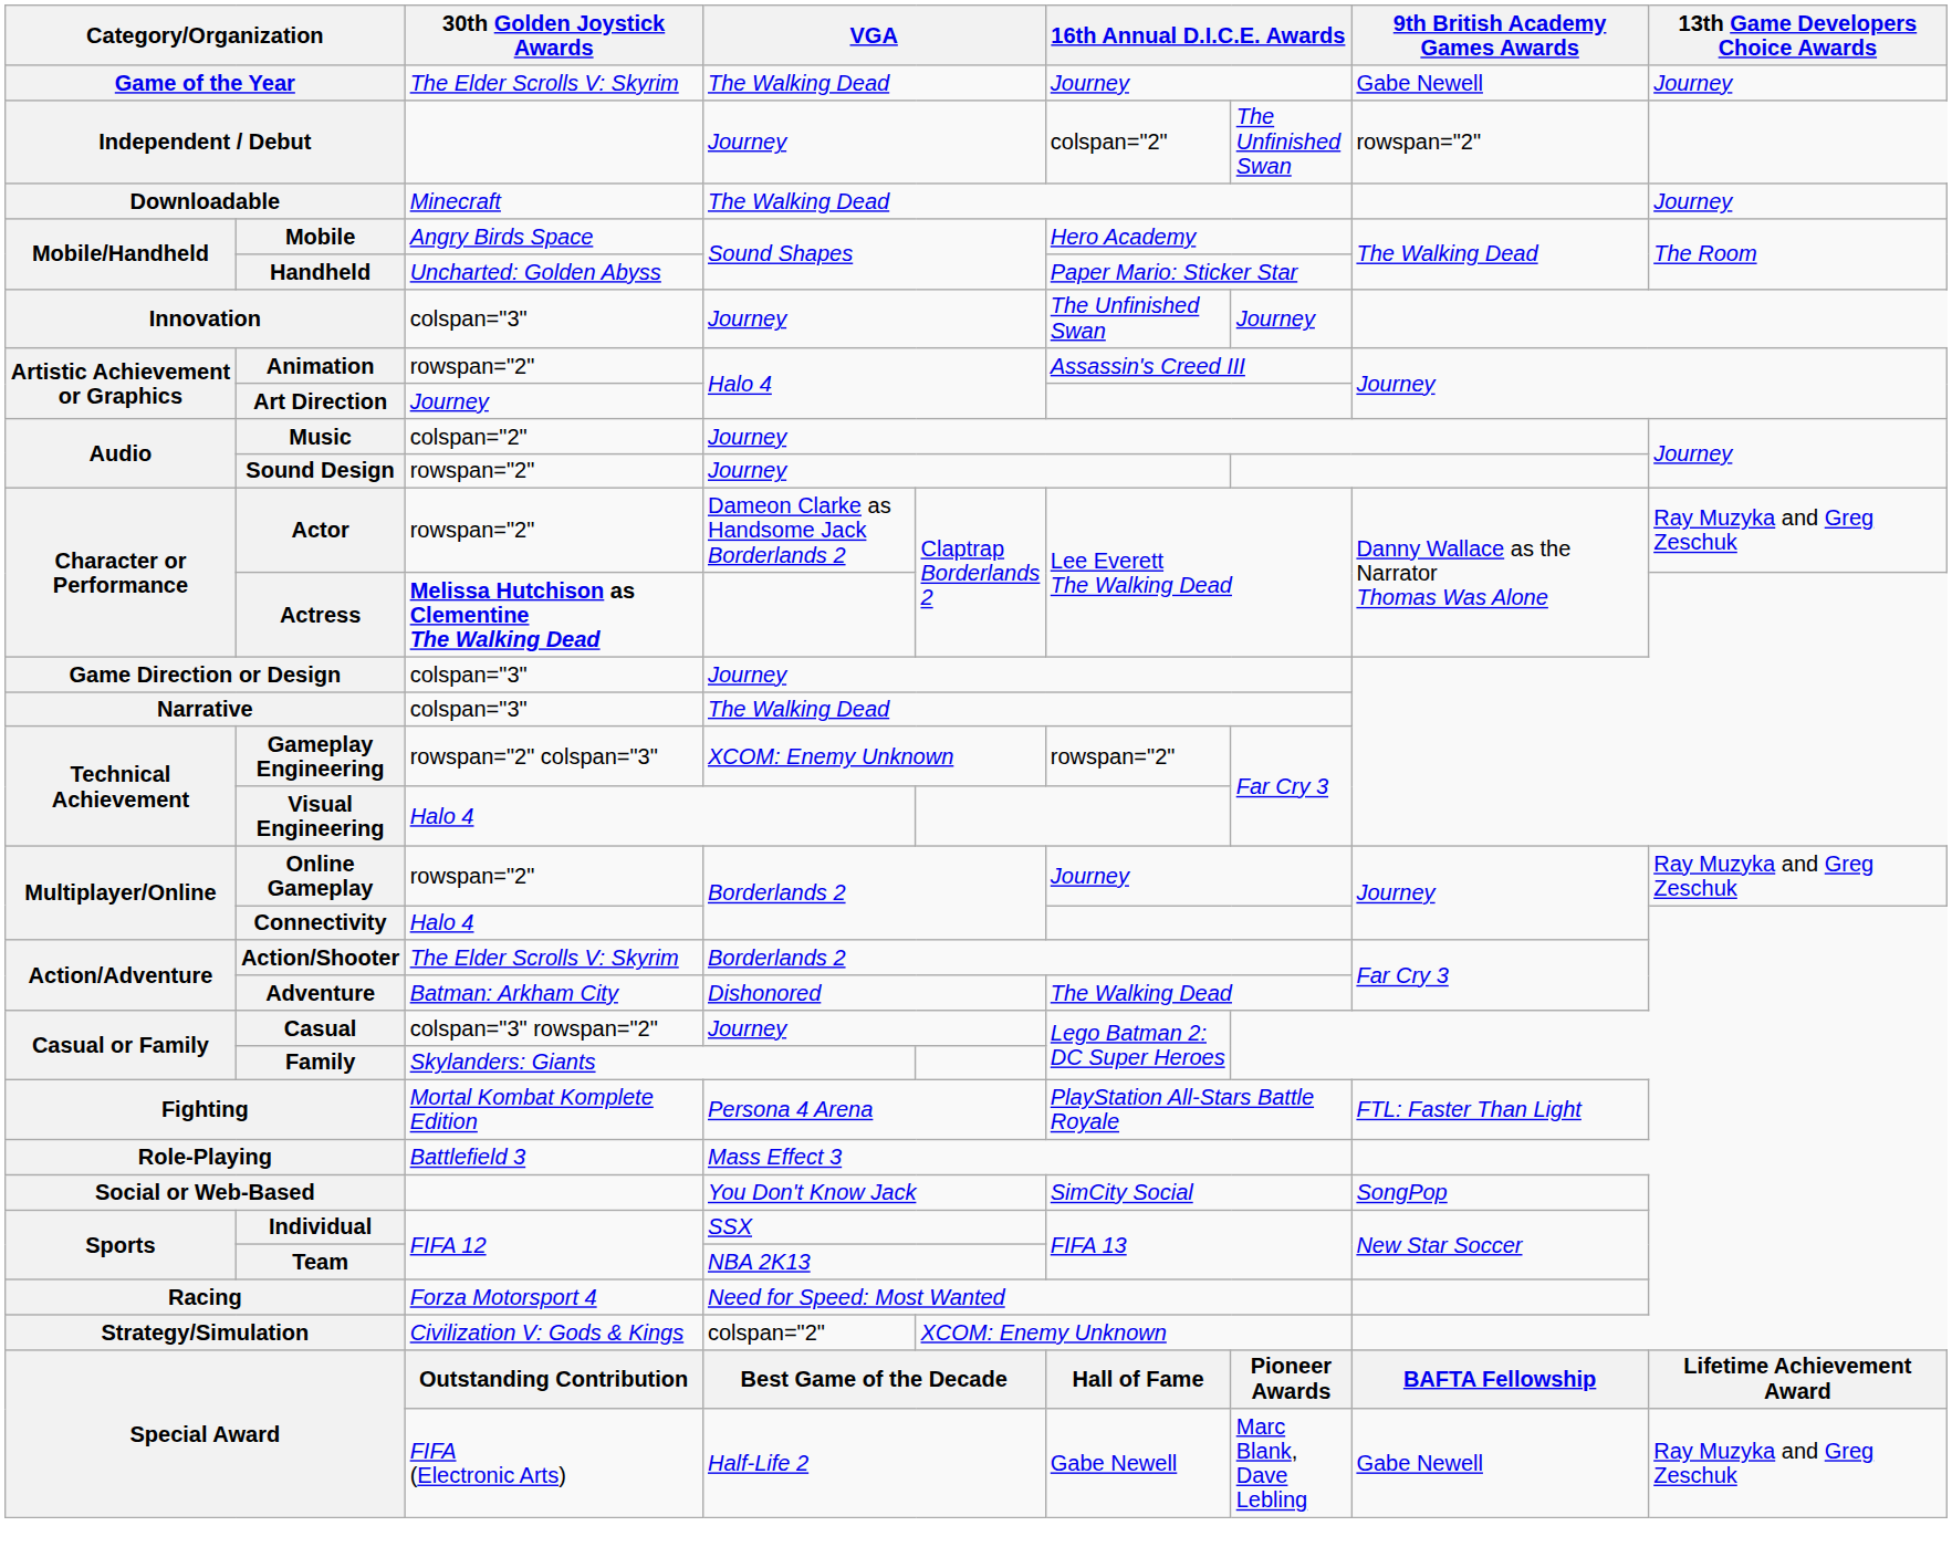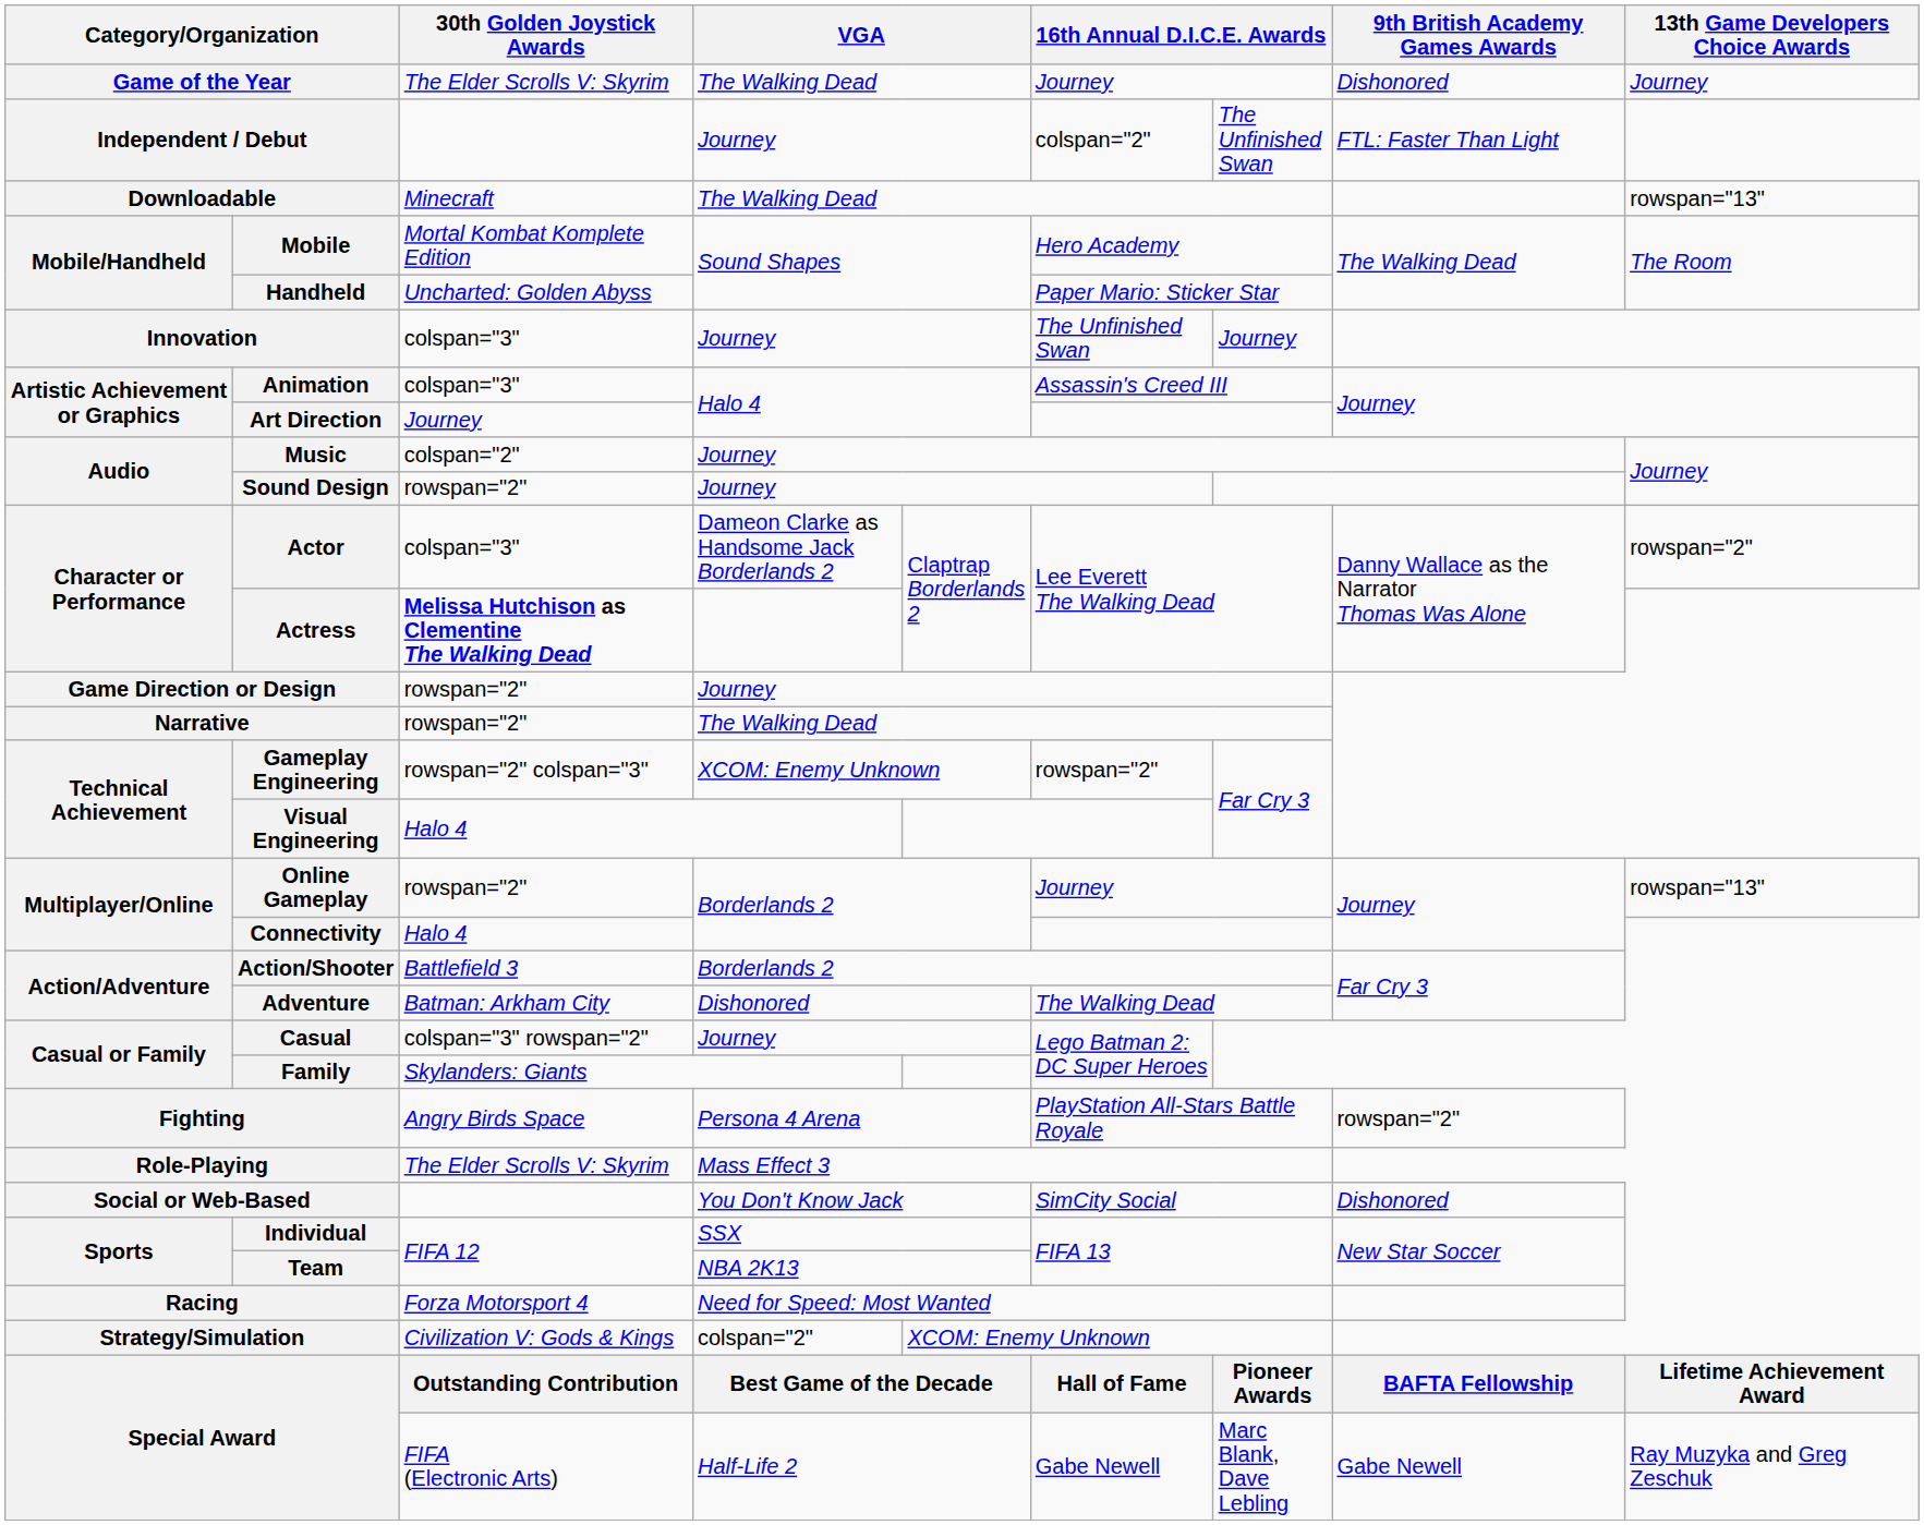 <table class="wikitable" style="border:none; margin:0; width:100%; font-size: 90%;">
 <tr>
 <th style="width:17%;" colspan="2">Category/Organization</th>
 <th style="width:16%;">30th <a href='#'>Golden Joystick Awards</a><br></th>
 <th style="width:16%;" colspan="2"><a href='#'>VGA</a><br></th>
 <th style="width:16%;" colspan="2"><a href='#'>16th Annual D.I.C.E. Awards</a><br></th>
 <th style="width:16%;"><a href='#'>9th British Academy Games Awards</a><br></th>
 <th style="width:16%;">13th <a href='#'>Game Developers Choice Awards</a><br></th>
 </tr>
 <tr>
 <th scope="row" colspan="2"><a href='#'>Game of the Year</a></th>
 <td><em><a href='#'>The Elder Scrolls V: Skyrim</a></em></td>
 <td colspan="2"><em><a href='#'>The Walking Dead</a></em></td>
 <td colspan="2"><em><a href='#'>Journey</a></em></td>
-<td><a href='#'>Gabe Newell</a></td>
+<td><em><a href='#'>Dishonored</a></em></td>
 <td><em><a href='#'>Journey</a></em></td>
 </tr>
 <tr>
 <th scope="row" colspan="2" style="width:9%;">Independent / Debut</th>
 <td></td>
 <td colspan="2"><em><a href='#'>Journey</a></em></td>
 <td>colspan="2" </td>
 <td><em><a href='#'>The Unfinished Swan</a></em></td>
-<td>rowspan="2" </td>
+<td><em><a href='#'>FTL: Faster Than Light</a></em></td>
 </tr>
 <tr>
 <th scope="row" style="width:12%;" colspan="2">Downloadable</th>
 <td><em><a href='#'>Minecraft</a></em></td>
 <td colspan="4"><em><a href='#'>The Walking Dead</a></em></td>
 <td></td>
-<td><em><a href='#'>Journey</a></em></td>
+<td>rowspan="13" </td>
 </tr>
 <tr>
 <th scope="row" rowspan="2" style="width:12%;">Mobile/Handheld</th>
 <th>Mobile</th>
-<td><em><a href='#'>Angry Birds Space</a></em></td>
+<td><em><a href='#'>Mortal Kombat Komplete Edition</a></em></td>
 <td rowspan="2" colspan="2"><em><a href='#'>Sound Shapes</a></em></td>
 <td colspan="2"><em><a href='#'>Hero Academy</a></em></td>
 <td rowspan="2"><em><a href='#'>The Walking Dead</a></em></td>
 <td rowspan="2"><em><a href='#'>The Room</a></em></td>
 </tr>
 <tr>
 <th scope="row">Handheld</th>
 <td><em><a href='#'>Uncharted: Golden Abyss</a></em></td>
 <td colspan="2"><em><a href='#'>Paper Mario: Sticker Star</a></em></td>
 </tr>
 <tr>
 <th scope="row" style="width:12%;" colspan="2">Innovation</th>
 <td>colspan="3" </td>
 <td colspan="2"><em><a href='#'>Journey</a></em></td>
 <td><em><a href='#'>The Unfinished Swan</a></em></td>
 <td><em><a href='#'>Journey</a></em></td>
 </tr>
 <tr>
 <th scope="row" rowspan="2" style="width:9%;">Artistic Achievement<br>or Graphics</th>
 <th>Animation</th>
-<td>rowspan="2" </td>
+<td>colspan="3" </td>
 <td rowspan="2" colspan="2"><em><a href='#'>Halo 4</a></em></td>
 <td colspan="2"><em><a href='#'>Assassin's Creed III</a></em></td>
 <td rowspan="2" colspan="2"><em><a href='#'>Journey</a></em></td>
 </tr>
 <tr>
 <th scope="row">Art Direction</th>
 <td colspan="2"><em><a href='#'>Journey</a></em></td>
 </tr>
 <tr>
 <th scope="row" rowspan="2" style="width:12%;">Audio</th>
 <th>Music</th>
 <td>colspan="2" </td>
 <td colspan="5"><em><a href='#'>Journey</a></em></td>
 <td rowspan="2"><em><a href='#'>Journey</a></em></td>
 </tr>
 <tr>
 <th scope="row">Sound Design</th>
 <td>rowspan="2" </td>
 <td colspan="3"><em><a href='#'>Journey</a></em></td>
 </tr>
 <tr>
 <th scope="row" rowspan="2">Character or Performance</th>
 <th>Actor</th>
-<td>rowspan="2" </td>
+<td>colspan="3" </td>
 <td><a href='#'>Dameon Clarke</a> as <a href='#'>Handsome Jack</a><br> <em><a href='#'>Borderlands 2</a></em></td>
 <td rowspan="2"><a href='#'>Claptrap</a><br><em><a href='#'>Borderlands 2</a></em></td>
 <td rowspan="2" colspan="2"><a href='#'>Lee Everett</a><br><em><a href='#'>The Walking Dead</a></em></td>
 <td rowspan="2"><a href='#'>Danny Wallace</a> as the Narrator<br><em><a href='#'>Thomas Was Alone</a></em></td>
-<td><a href='#'>Ray Muzyka</a> and <a href='#'>Greg Zeschuk</a></td>
+<td>rowspan="2" </td>
 </tr>
 <tr>
 <th>Actress</th>
 <td><strong><a href='#'>Melissa Hutchison</a> as <a href='#'>Clementine</a><br><em><a href='#'>The Walking Dead</a></em></strong></td>
 </tr>
 <tr>
 <th scope="row" colspan="2">Game Direction or Design</th>
-<td>colspan="3" </td>
+<td>rowspan="2" </td>
 <td colspan="4"><em><a href='#'>Journey</a></em></td>
 </tr>
 <tr>
 <th scope="row" colspan="2">Narrative</th>
-<td>colspan="3" </td>
+<td>rowspan="2" </td>
 <td colspan="4"><em><a href='#'>The Walking Dead</a></em></td>
 </tr>
 <tr>
 <th scope="row" rowspan="2">Technical Achievement</th>
 <th>Gameplay Engineering</th>
 <td>rowspan="2" colspan="3" </td>
 <td colspan="2"><em><a href='#'>XCOM: Enemy Unknown</a></em></td>
 <td>rowspan="2" </td>
 <td rowspan="2"><em><a href='#'>Far Cry 3</a></em></td>
 </tr>
 <tr>
 <th scope="row">Visual Engineering</th>
 <td colspan="2"><em><a href='#'>Halo 4</a></em></td>
 </tr>
 <tr>
 <th scope="row" rowspan="2">Multiplayer/Online</th>
 <th>Online Gameplay</th>
 <td>rowspan="2" </td>
 <td rowspan="2" colspan="2"><em><a href='#'>Borderlands 2</a></em></td>
 <td colspan="2"><em><a href='#'>Journey</a></em></td>
 <td rowspan="2"><em><a href='#'>Journey</a></em></td>
-<td><a href='#'>Ray Muzyka</a> and <a href='#'>Greg Zeschuk</a></td>
+<td>rowspan="13" </td>
 </tr>
 <tr>
 <th scope="row">Connectivity</th>
 <td colspan="2"><em><a href='#'>Halo 4</a></em></td>
 </tr>
 <tr>
 <th scope="row" rowspan="2">Action/Adventure</th>
 <th>Action/Shooter</th>
-<td><em><a href='#'>The Elder Scrolls V: Skyrim</a></em></td>
+<td><em><a href='#'>Battlefield 3</a></em></td>
 <td colspan="4"><em><a href='#'>Borderlands 2</a></em></td>
 <td rowspan="2"><em><a href='#'>Far Cry 3</a></em></td>
 </tr>
 <tr>
 <th scope="row">Adventure</th>
 <td><em><a href='#'>Batman: Arkham City</a></em></td>
 <td colspan="2"><em><a href='#'>Dishonored</a></em></td>
 <td colspan="2"><em><a href='#'>The Walking Dead</a></em></td>
 </tr>
 <tr>
 <th scope="row" rowspan="2">Casual or Family</th>
 <th>Casual</th>
 <td>colspan="3" rowspan="2" </td>
 <td colspan="2"><em><a href='#'>Journey</a></em></td>
 <td rowspan="2"><em><a href='#'>Lego Batman 2: DC Super Heroes</a></em></td>
 </tr>
 <tr>
 <th>Family</th>
 <td colspan="2"><em><a href='#'>Skylanders: Giants</a></em></td>
 </tr>
 <tr>
 <th scope="row" colspan="2">Fighting</th>
-<td><em><a href='#'>Mortal Kombat Komplete Edition</a></em></td>
+<td><em><a href='#'>Angry Birds Space</a></em></td>
 <td colspan="2"><em><a href='#'>Persona 4 Arena</a></em></td>
 <td colspan="2"><em><a href='#'>PlayStation All-Stars Battle Royale</a></em></td>
-<td><em><a href='#'>FTL: Faster Than Light</a></em></td>
+<td>rowspan="2" </td>
 </tr>
 <tr>
 <th scope="row" colspan="2">Role-Playing</th>
-<td><em><a href='#'>Battlefield 3</a></em></td>
+<td><em><a href='#'>The Elder Scrolls V: Skyrim</a></em></td>
 <td colspan="4"><em><a href='#'>Mass Effect 3</a></em></td>
 </tr>
 <tr>
 <th scope="row" colspan="2">Social or Web-Based</th>
 <td></td>
 <td colspan="2"><em><a href='#'>You Don't Know Jack</a></em></td>
 <td colspan="2"><em><a href='#'>SimCity Social</a></em></td>
-<td><em><a href='#'>SongPop</a></em></td>
+<td><em><a href='#'>Dishonored</a></em></td>
 </tr>
 <tr>
 <th scope="row" rowspan="2">Sports</th>
 <th>Individual</th>
 <td rowspan="2"><em><a href='#'>FIFA 12</a></em></td>
 <td colspan="2"><em><a href='#'>SSX</a></em></td>
 <td rowspan="2" colspan="2"><em><a href='#'>FIFA 13</a></em></td>
 <td rowspan="2"><em><a href='#'>New Star Soccer</a></em></td>
 </tr>
 <tr>
 <th>Team</th>
 <td colspan="2"><em><a href='#'>NBA 2K13</a></em></td>
 </tr>
 <tr>
 <th scope="row" colspan="2">Racing</th>
 <td><em><a href='#'>Forza Motorsport 4</a></em></td>
 <td colspan="4"><em><a href='#'>Need for Speed: Most Wanted</a></em></td>
 <td></td>
 </tr>
 <tr>
 <th scope="row" colspan="2">Strategy/Simulation</th>
 <td><em><a href='#'>Civilization V: Gods & Kings</a></em></td>
 <td>colspan="2" </td>
 <td colspan="3"><em><a href='#'>XCOM: Enemy Unknown</a></em></td>
 </tr>
 <tr>
 <th scope="row" colspan="2" rowspan="2">Special Award</th>
 <th>Outstanding Contribution</th>
 <th colspan="2">Best Game of the Decade</th>
 <th>Hall of Fame</th>
 <th>Pioneer Awards</th>
 <th><a href='#'>BAFTA Fellowship</a></th>
 <th>Lifetime Achievement Award</th>
 </tr>
 <tr>
 <td><em><a href='#'>FIFA</a></em><br>(<a href='#'>Electronic Arts</a>)</td>
 <td colspan="2"><em><a href='#'>Half-Life 2</a></em></td>
 <td><a href='#'>Gabe Newell</a></td>
 <td><a href='#'>Marc Blank</a>,<br> <a href='#'>Dave Lebling</a></td>
 <td><a href='#'>Gabe Newell</a></td>
 <td><a href='#'>Ray Muzyka</a> and <a href='#'>Greg Zeschuk</a></td>
 </tr>
 </table>
